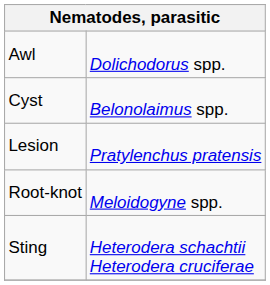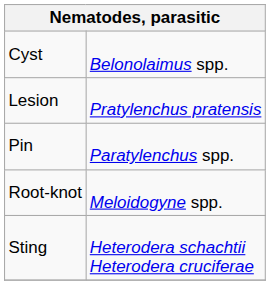 <table class="wikitable" style="clear">
 <tr>
 <th colspan=2><strong>Nematodes, parasitic</strong><br></th>
-</tr>
-<tr>
-<td>Awl</td>
-<td><br><em><a href='#'>Dolichodorus</a></em> spp.</td>
 </tr>
 <tr>
 <td>Cyst</td>
 <td><br><em><a href='#'>Belonolaimus</a></em> spp.</td>
 </tr>
 <tr>
 <td>Lesion</td>
 <td><br><em><a href='#'>Pratylenchus pratensis</a></em></td>
+</tr>
+<tr>
+<td>Pin</td>
+<td><br><em><a href='#'>Paratylenchus</a></em> spp.</td>
 </tr>
 <tr>
 <td>Root-knot</td>
 <td><br><em><a href='#'>Meloidogyne</a></em> spp.</td>
 </tr>
 <tr>
 <td>Sting</td>
 <td><br><em><a href='#'>Heterodera schachtii</a></em><br> <em><a href='#'>Heterodera cruciferae</a></em></td>
 </tr>
 <tr>
 </tr>
 </table>
